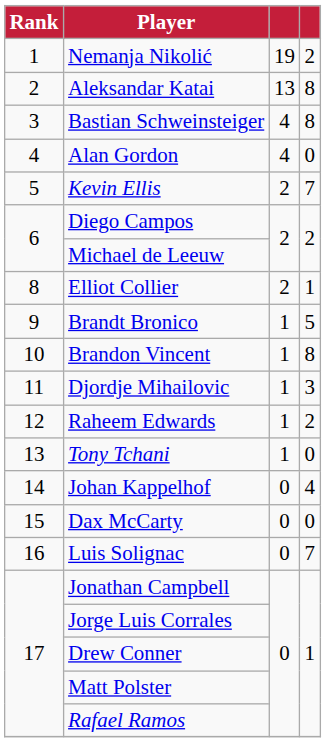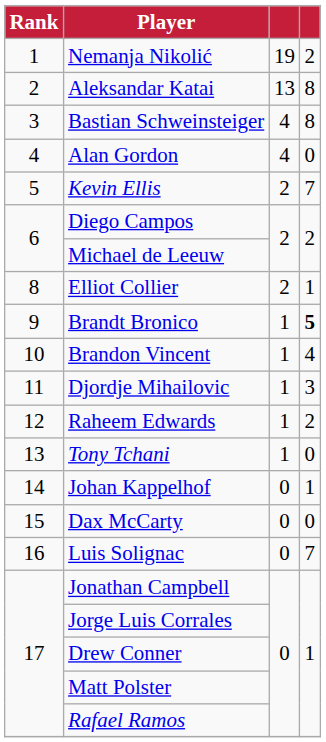 <table class="wikitable" style="text-align:center; display:inline-table;">
 <tr>
 <th style="background:#C41E3A; color:white;">Rank</th>
 <th style="background:#C41E3A; color:white;">Player</th>
 <th style="background:#C41E3A; color:white;"></th>
 <th style="background:#C41E3A; color:white;"></th>
 </tr>
 <tr>
 <td>1</td>
 <td align="left"> <a href='#'>Nemanja Nikolić</a></td>
 <td>19</td>
 <td>2</td>
 </tr>
 <tr>
 <td>2</td>
 <td align="left"> <a href='#'>Aleksandar Katai</a></td>
 <td>13</td>
 <td>8</td>
 </tr>
 <tr>
 <td>3</td>
 <td align="left"> <a href='#'>Bastian Schweinsteiger</a></td>
 <td>4</td>
 <td>8</td>
 </tr>
 <tr>
 <td>4</td>
 <td align="left"> <a href='#'>Alan Gordon</a></td>
 <td>4</td>
 <td>0</td>
 </tr>
 <tr>
 <td>5</td>
 <td align="left"> <em><a href='#'>Kevin Ellis</a></em></td>
 <td>2</td>
 <td>7</td>
 </tr>
 <tr>
 <td rowspan="2">6</td>
 <td align="left"> <a href='#'>Diego Campos</a></td>
 <td rowspan="2">2</td>
 <td rowspan="2">2</td>
 </tr>
 <tr>
 <td align="left"> <a href='#'>Michael de Leeuw</a></td>
 </tr>
 <tr>
 <td>8</td>
 <td align="left"> <a href='#'>Elliot Collier</a></td>
 <td>2</td>
 <td>1</td>
 </tr>
 <tr>
 <td>9</td>
 <td align="left"> <a href='#'>Brandt Bronico</a></td>
 <td>1</td>
-<td>5</td>
+<td><strong>5</strong></td>
 </tr>
 <tr>
 <td>10</td>
 <td align="left"> <a href='#'>Brandon Vincent</a></td>
 <td>1</td>
-<td>8</td>
+<td>4</td>
 </tr>
 <tr>
 <td>11</td>
 <td align="left"> <a href='#'>Djordje Mihailovic</a></td>
 <td>1</td>
 <td>3</td>
 </tr>
 <tr>
 <td>12</td>
 <td align="left"> <a href='#'>Raheem Edwards</a></td>
 <td>1</td>
 <td>2</td>
 </tr>
 <tr>
 <td>13</td>
 <td align="left"> <em><a href='#'>Tony Tchani</a></em></td>
 <td>1</td>
 <td>0</td>
 </tr>
 <tr>
 <td>14</td>
 <td align="left"> <a href='#'>Johan Kappelhof</a></td>
 <td>0</td>
-<td>4</td>
+<td>1</td>
 </tr>
 <tr>
 <td>15</td>
 <td align="left"> <a href='#'>Dax McCarty</a></td>
 <td>0</td>
 <td>0</td>
 </tr>
 <tr>
 <td>16</td>
 <td align="left"> <a href='#'>Luis Solignac</a></td>
 <td>0</td>
 <td>7</td>
 </tr>
 <tr>
 <td rowspan="5">17</td>
 <td align="left"> <a href='#'>Jonathan Campbell</a></td>
 <td rowspan="5">0</td>
 <td rowspan="5">1</td>
 </tr>
 <tr>
 <td align="left"> <a href='#'>Jorge Luis Corrales</a></td>
 </tr>
 <tr>
 <td align="left"> <a href='#'>Drew Conner</a></td>
 </tr>
 <tr>
 <td align="left"> <a href='#'>Matt Polster</a></td>
 </tr>
 <tr>
 <td align="left"> <em><a href='#'>Rafael Ramos</a></em></td>
 </tr>
 <tr>
 </tr>
 </table>
